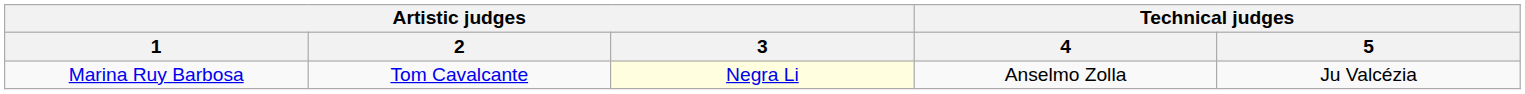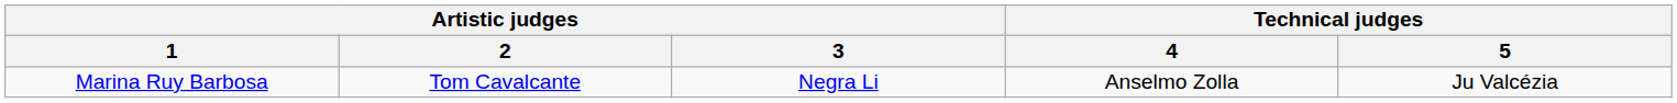 <table class="wikitable" style="font-size:100%; line-height:16px; text-align:center" width="100%">
 <tr>
 <th colspan=3>Artistic judges</th>
 <th colspan=2>Technical judges</th>
 </tr>
 <tr>
 <th width="20.0%">1</th>
 <th width="20.0%">2</th>
 <th width="20.0%">3</th>
 <th width="20.0%">4</th>
 <th width="20.0%">5</th>
 </tr>
 <tr>
 <td><a href='#'>Marina Ruy Barbosa</a></td>
 <td><a href='#'>Tom Cavalcante</a></td>
-<td style="background: lightyellow;"><a href='#'>Negra Li</a></td>
+<td><a href='#'>Negra Li</a></td>
 <td>Anselmo Zolla</td>
 <td>Ju Valcézia</td>
 </tr>
 </table>
